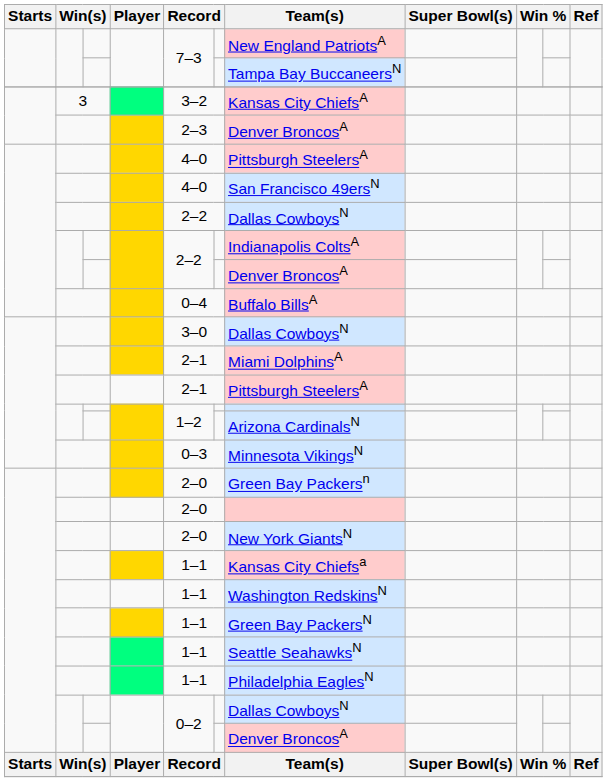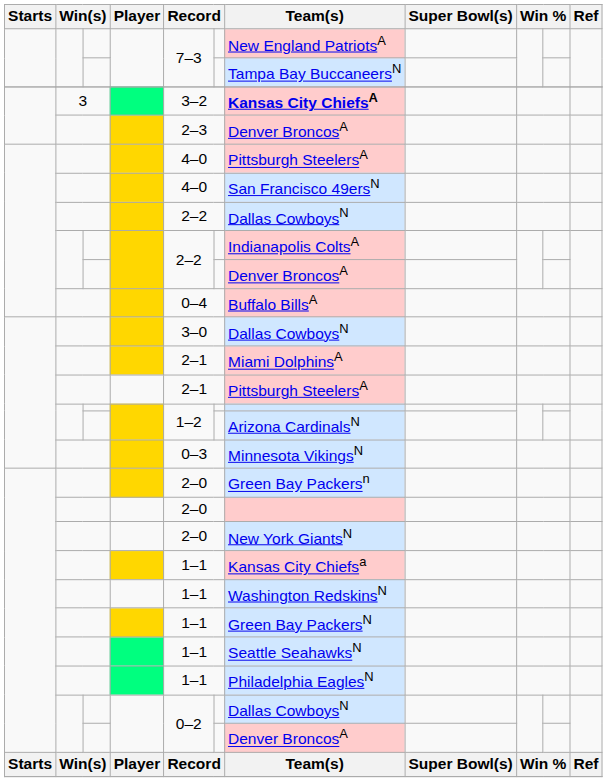 <table class="wikitable sortable">
 <tr>
 <th>Starts</th>
 <th colspan="2">Win(s)</th>
 <th>Player</th>
 <th colspan="2">Record</th>
 <th>Team(s)</th>
 <th>Super Bowl(s)</th>
 <th colspan="2">Win %</th>
 <th class="unsortable">Ref</th>
 </tr>
 <tr>
 <td align="center" rowspan="2"></td>
 <td rowspan="2" align="center"></td>
 <td></td>
 <td rowspan="2"></td>
 <td rowspan="2" align="center">7–3</td>
 <td></td>
 <td style="background:#ffcccc;"><a href='#'>New England Patriots</a><sup>A</sup></td>
 <td></td>
 <td rowspan="2" align="center"></td>
 <td></td>
 <td rowspan="2" align="center"></td>
 </tr>
 <tr>
 <td></td>
 <td></td>
 <td style="background:#d0e7ff;"><a href='#'>Tampa Bay Buccaneers</a><sup>N</sup></td>
 <td></td>
 <td></td>
 </tr>
 <tr>
 </tr>
 <tr>
 <td rowspan="2" align="center"></td>
 <td align="center" colspan="2">3</td>
 <td style="background: #00ff7f"><br></td>
 <td align="center" colspan="2">3–2</td>
-<td style="background:#ffcccc;"><a href='#'>Kansas City Chiefs</a><sup>A</sup></td>
+<td style="background:#ffcccc;"><strong><a href='#'>Kansas City Chiefs</a><sup>A</sup></strong></td>
 <td></td>
 <td align="center" colspan="2"></td>
 <td align="center"></td>
 </tr>
 <tr>
 <td align="center" colspan="2"></td>
 <td style="background: #FFD700;"><br></td>
 <td align="center" colspan="2">2–3</td>
 <td style="background:#ffcccc;"><a href='#'>Denver Broncos</a><sup>A</sup></td>
 <td></td>
 <td align="center" colspan="2"></td>
 <td align="center"></td>
 </tr>
 <tr>
 <td rowspan="6" align="center"></td>
 <td align="center" colspan="2"></td>
 <td style="background: #FFD700;"></td>
 <td align="center" colspan="2">4–0</td>
 <td style="background:#ffcccc;"><a href='#'>Pittsburgh Steelers</a><sup>A</sup></td>
 <td></td>
 <td align="center" colspan="2"></td>
 <td align="center"></td>
 </tr>
 <tr>
 <td align="center" colspan="2"></td>
 <td style="background: #FFD700;"></td>
 <td align="center" colspan="2">4–0</td>
 <td style="background:#d0e7ff;"><a href='#'>San Francisco 49ers</a><sup>N</sup></td>
 <td></td>
 <td align="center" colspan="2"></td>
 <td align="center"></td>
 </tr>
 <tr>
 <td align="center" colspan="2"></td>
 <td style="background: #FFD700;"></td>
 <td align="center" colspan="2">2–2</td>
 <td style="background:#d0e7ff;"><a href='#'>Dallas Cowboys</a><sup>N</sup></td>
 <td></td>
 <td align="center" colspan="2"></td>
 <td align="center"></td>
 </tr>
 <tr>
 <td align="center" rowspan="2"></td>
 <td align="center"></td>
 <td rowspan=2 bgcolor="#FFD700"></td>
 <td align="center" style="vertical-align:middle;" rowspan="2">2–2</td>
 <td align="center"></td>
 <td style="background:#ffcccc;"><a href='#'>Indianapolis Colts</a><sup>A</sup></td>
 <td></td>
 <td align="center" rowspan="2"></td>
 <td></td>
 <td align="center" rowspan=2></td>
 </tr>
 <tr>
 <td align="center"></td>
 <td align="center"></td>
 <td style="background:#ffcccc;"><a href='#'>Denver Broncos</a><sup>A</sup></td>
 <td></td>
 <td></td>
 </tr>
 <tr>
 <td align="center" colspan="2"></td>
 <td style="background: #FFD700;"></td>
 <td align="center" colspan="2">0–4</td>
 <td style="background:#ffcccc;"><a href='#'>Buffalo Bills</a><sup>A</sup></td>
 <td></td>
 <td align="center" colspan="2"></td>
 <td align="center"></td>
 </tr>
 <tr>
 <td rowspan="6" align="center"></td>
 <td align="center" colspan="2"></td>
 <td style="background: #FFD700;"></td>
 <td align="center" colspan="2">3–0</td>
 <td style="background:#d0e7ff;"><a href='#'>Dallas Cowboys</a><sup>N</sup></td>
 <td></td>
 <td align="center" colspan="2"></td>
 <td align="center"></td>
 </tr>
 <tr>
 <td align="center" colspan="2"></td>
 <td style="background: #FFD700;"></td>
 <td align="center" colspan="2">2–1</td>
 <td style="background:#ffcccc;"><a href='#'>Miami Dolphins</a><sup>A</sup></td>
 <td></td>
 <td align="center" colspan="2"></td>
 <td align="center"></td>
 </tr>
 <tr>
 <td align="center" colspan="2"></td>
 <td></td>
 <td align="center" colspan="2">2–1</td>
 <td style="background:#ffcccc;"><a href='#'>Pittsburgh Steelers</a><sup>A</sup></td>
 <td></td>
 <td align="center" colspan="2"></td>
 <td align="center"></td>
 </tr>
 <tr>
 <td align="center" rowspan="2"></td>
 <td align="center"></td>
 <td style="background: #FFD700;" rowspan=2></td>
 <td align="center" style="vertical-align:middle;" rowspan="2">1–2</td>
 <td align="center"></td>
 <td style="background:#d0e7ff;"></td>
 <td></td>
 <td align="center" rowspan="2"></td>
 <td></td>
 <td align="center" rowspan=2></td>
 </tr>
 <tr>
 <td align="center"></td>
 <td align="center"></td>
 <td style="background:#d0e7ff;"><a href='#'>Arizona Cardinals</a><sup>N</sup></td>
 <td></td>
 <td></td>
 </tr>
 <tr>
 <td align="center" colspan="2"></td>
 <td style="background: #FFD700;"></td>
 <td align="center" colspan="2">0–3</td>
 <td style="background:#d0e7ff;"><a href='#'>Minnesota Vikings</a><sup>N</sup></td>
 <td></td>
 <td align="center" colspan="2"></td>
 <td align="center"></td>
 </tr>
 <tr>
 <td rowspan="10" align="center"></td>
 <td align="center" colspan="2"></td>
 <td style="background: #FFD700;"></td>
 <td align="center" colspan="2">2–0</td>
 <td style="background:#d0e7ff;"><a href='#'>Green Bay Packers</a><sup>n</sup></td>
 <td></td>
 <td align="center" colspan="2"></td>
 <td align="center"></td>
 </tr>
 <tr>
 <td align="center" colspan="2"></td>
 <td></td>
 <td align="center" colspan="2">2–0</td>
 <td style="background:#ffcccc;"></td>
 <td></td>
 <td align="center" colspan="2"></td>
 <td align="center"></td>
 </tr>
 <tr>
 <td align="center" colspan="2"></td>
 <td></td>
 <td align="center" colspan="2">2–0</td>
 <td style="background:#d0e7ff;"><a href='#'>New York Giants</a><sup>N</sup></td>
 <td></td>
 <td align="center" colspan="2"></td>
 <td align="center"></td>
 </tr>
 <tr>
 <td align="center" colspan="2"></td>
 <td style="background: #FFD700;"></td>
 <td align="center" colspan="2">1–1</td>
 <td style="background:#ffcccc;"><a href='#'>Kansas City Chiefs</a><sup>a</sup></td>
 <td></td>
 <td align="center" colspan="2"></td>
 <td align="center"></td>
 </tr>
 <tr>
 <td align="center" colspan="2"></td>
 <td></td>
 <td align="center" colspan="2">1–1</td>
 <td style="background:#d0e7ff;"><a href='#'>Washington Redskins</a><sup>N</sup></td>
 <td></td>
 <td align="center" colspan="2"></td>
 <td align="center"></td>
 </tr>
 <tr>
 <td align="center" colspan="2"></td>
 <td style="background: #FFD700;"></td>
 <td align="center" colspan="2">1–1</td>
 <td style="background:#d0e7ff;"><a href='#'>Green Bay Packers</a><sup>N</sup></td>
 <td></td>
 <td align="center" colspan="2"></td>
 <td align="center"></td>
 </tr>
 <tr>
 <td align="center" colspan="2"></td>
 <td style="background: #00ff7f"></td>
 <td align="center" colspan="2">1–1</td>
 <td style="background:#d0e7ff;"><a href='#'>Seattle Seahawks</a><sup>N</sup></td>
 <td></td>
 <td align="center" colspan="2"></td>
 <td align="center"></td>
 </tr>
 <tr>
 <td align="center" colspan="2"></td>
 <td style="background: #00ff7f"></td>
 <td align="center" colspan="2">1–1</td>
 <td style="background:#d0e7ff;"><a href='#'>Philadelphia Eagles</a><sup>N</sup></td>
 <td></td>
 <td align="center" colspan="2"></td>
 <td align="center"></td>
 </tr>
 <tr>
 <td align="center" rowspan="2"></td>
 <td align="center"></td>
 <td rowspan=2></td>
 <td align="center" style="vertical-align:middle;" rowspan="2">0–2</td>
 <td align="center"></td>
 <td style="background:#d0e7ff;"><a href='#'>Dallas Cowboys</a><sup>N</sup></td>
 <td></td>
 <td align="center" style="vertical-align:middle;" rowspan="2"></td>
 <td></td>
 <td align="center" rowspan=2></td>
 </tr>
 <tr>
 <td align="center"></td>
 <td align="center"></td>
 <td style="background:#ffcccc;"><a href='#'>Denver Broncos</a><sup>A</sup></td>
 <td></td>
 <td></td>
 </tr>
 <tr>
 <th>Starts</th>
 <th colspan="2">Win(s)</th>
 <th>Player</th>
 <th colspan="2">Record</th>
 <th>Team(s)</th>
 <th>Super Bowl(s)</th>
 <th colspan="2">Win %</th>
 <th>Ref</th>
 </tr>
 <tr>
 </tr>
 </table>
